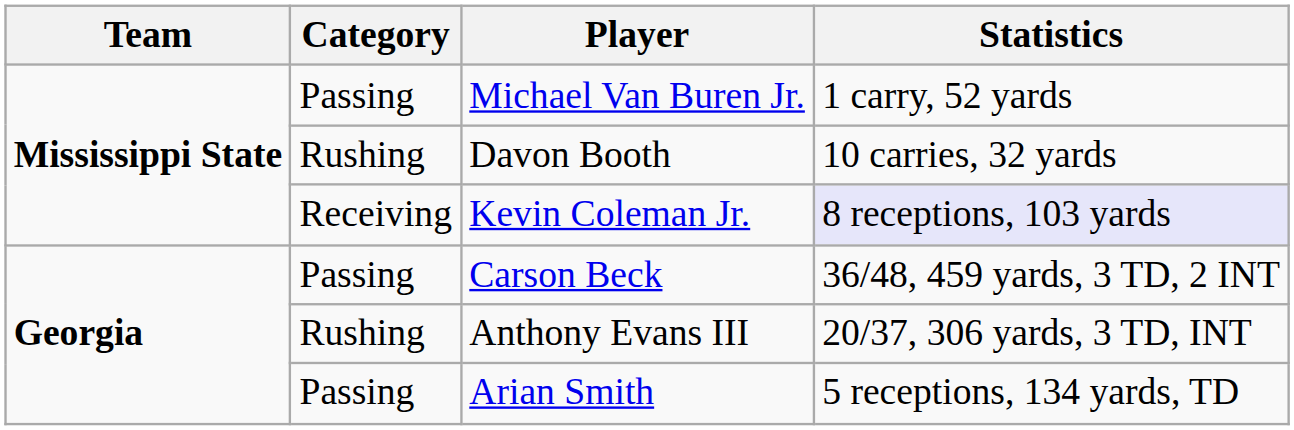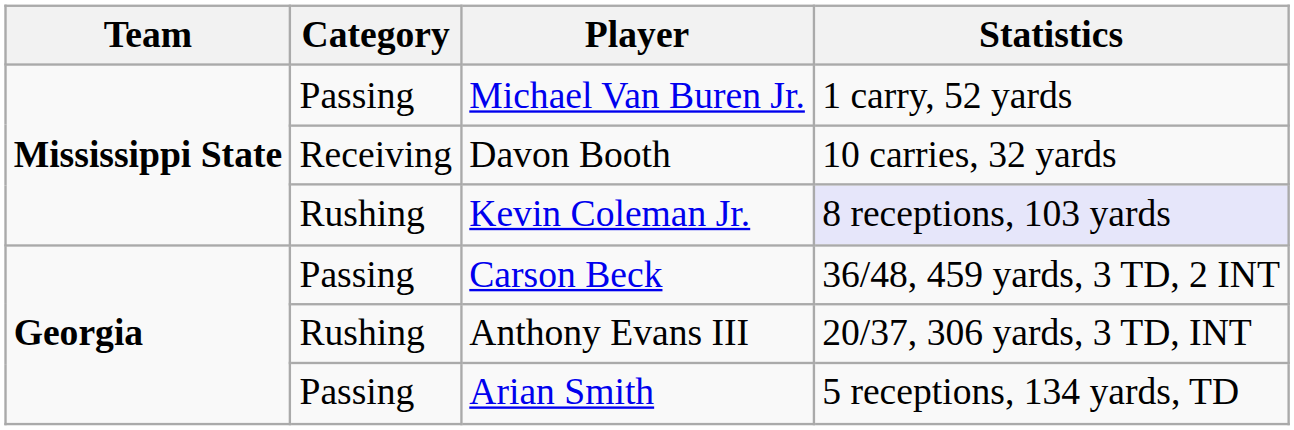 <table class="wikitable" style="float: right;">
 <tr>
 <th>Team</th>
 <th>Category</th>
 <th>Player</th>
 <th>Statistics</th>
 </tr>
 <tr>
 <td rowspan=3><strong>Mississippi State</strong></td>
 <td>Passing</td>
 <td><a href='#'>Michael Van Buren Jr.</a></td>
 <td>1 carry, 52 yards</td>
 </tr>
 <tr>
-<td>Rushing</td>
+<td>Receiving</td>
 <td>Davon Booth</td>
 <td>10 carries, 32 yards</td>
 </tr>
 <tr>
-<td>Receiving</td>
+<td>Rushing</td>
 <td><a href='#'>Kevin Coleman Jr.</a></td>
 <td style="background: lavender;">8 receptions, 103 yards</td>
 </tr>
 <tr>
 <td rowspan=3><strong>Georgia</strong></td>
 <td>Passing</td>
 <td><a href='#'>Carson Beck</a></td>
 <td>36/48, 459 yards, 3 TD, 2 INT</td>
 </tr>
 <tr>
 <td>Rushing</td>
 <td>Anthony Evans III</td>
 <td>20/37, 306 yards, 3 TD, INT</td>
 </tr>
 <tr>
 <td>Passing</td>
 <td><a href='#'>Arian Smith</a></td>
 <td>5 receptions, 134 yards, TD</td>
 </tr>
 </table>
